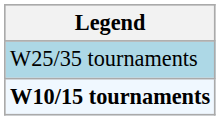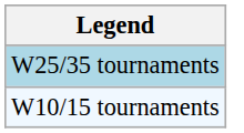 <table class="wikitable" style="font-size:85%;">
 <tr>
 <th>Legend</th>
 </tr>
 <tr style="background:lightblue;">
 <td>W25/35 tournaments</td>
 </tr>
 <tr style="background:#f0f8ff;">
-<td><strong>W10/15 tournaments</strong></td>
+<td>W10/15 tournaments</td>
 </tr>
 </table>
